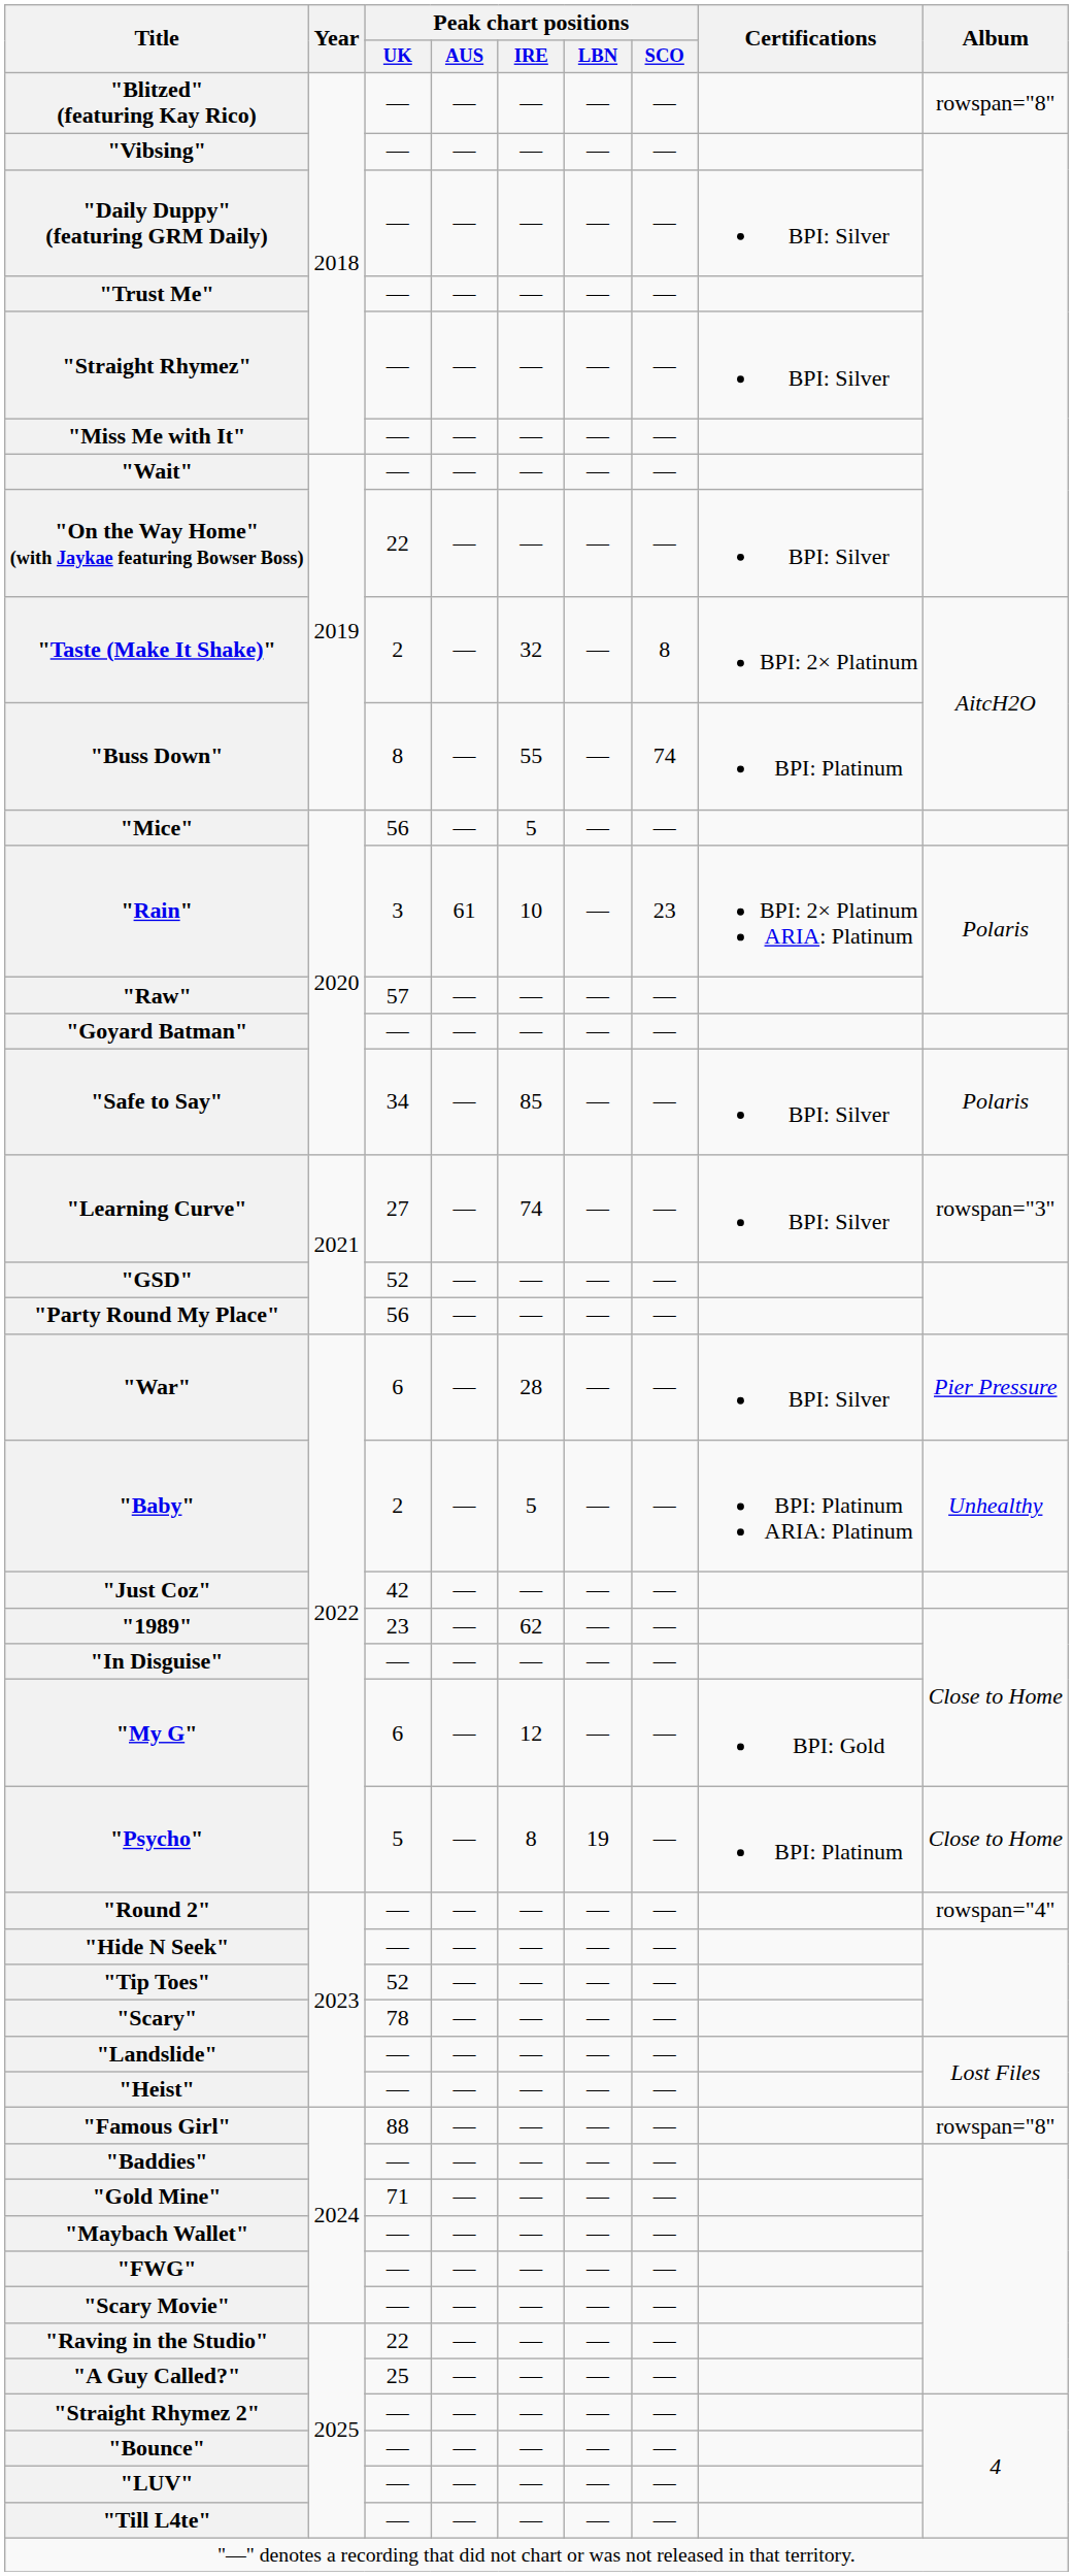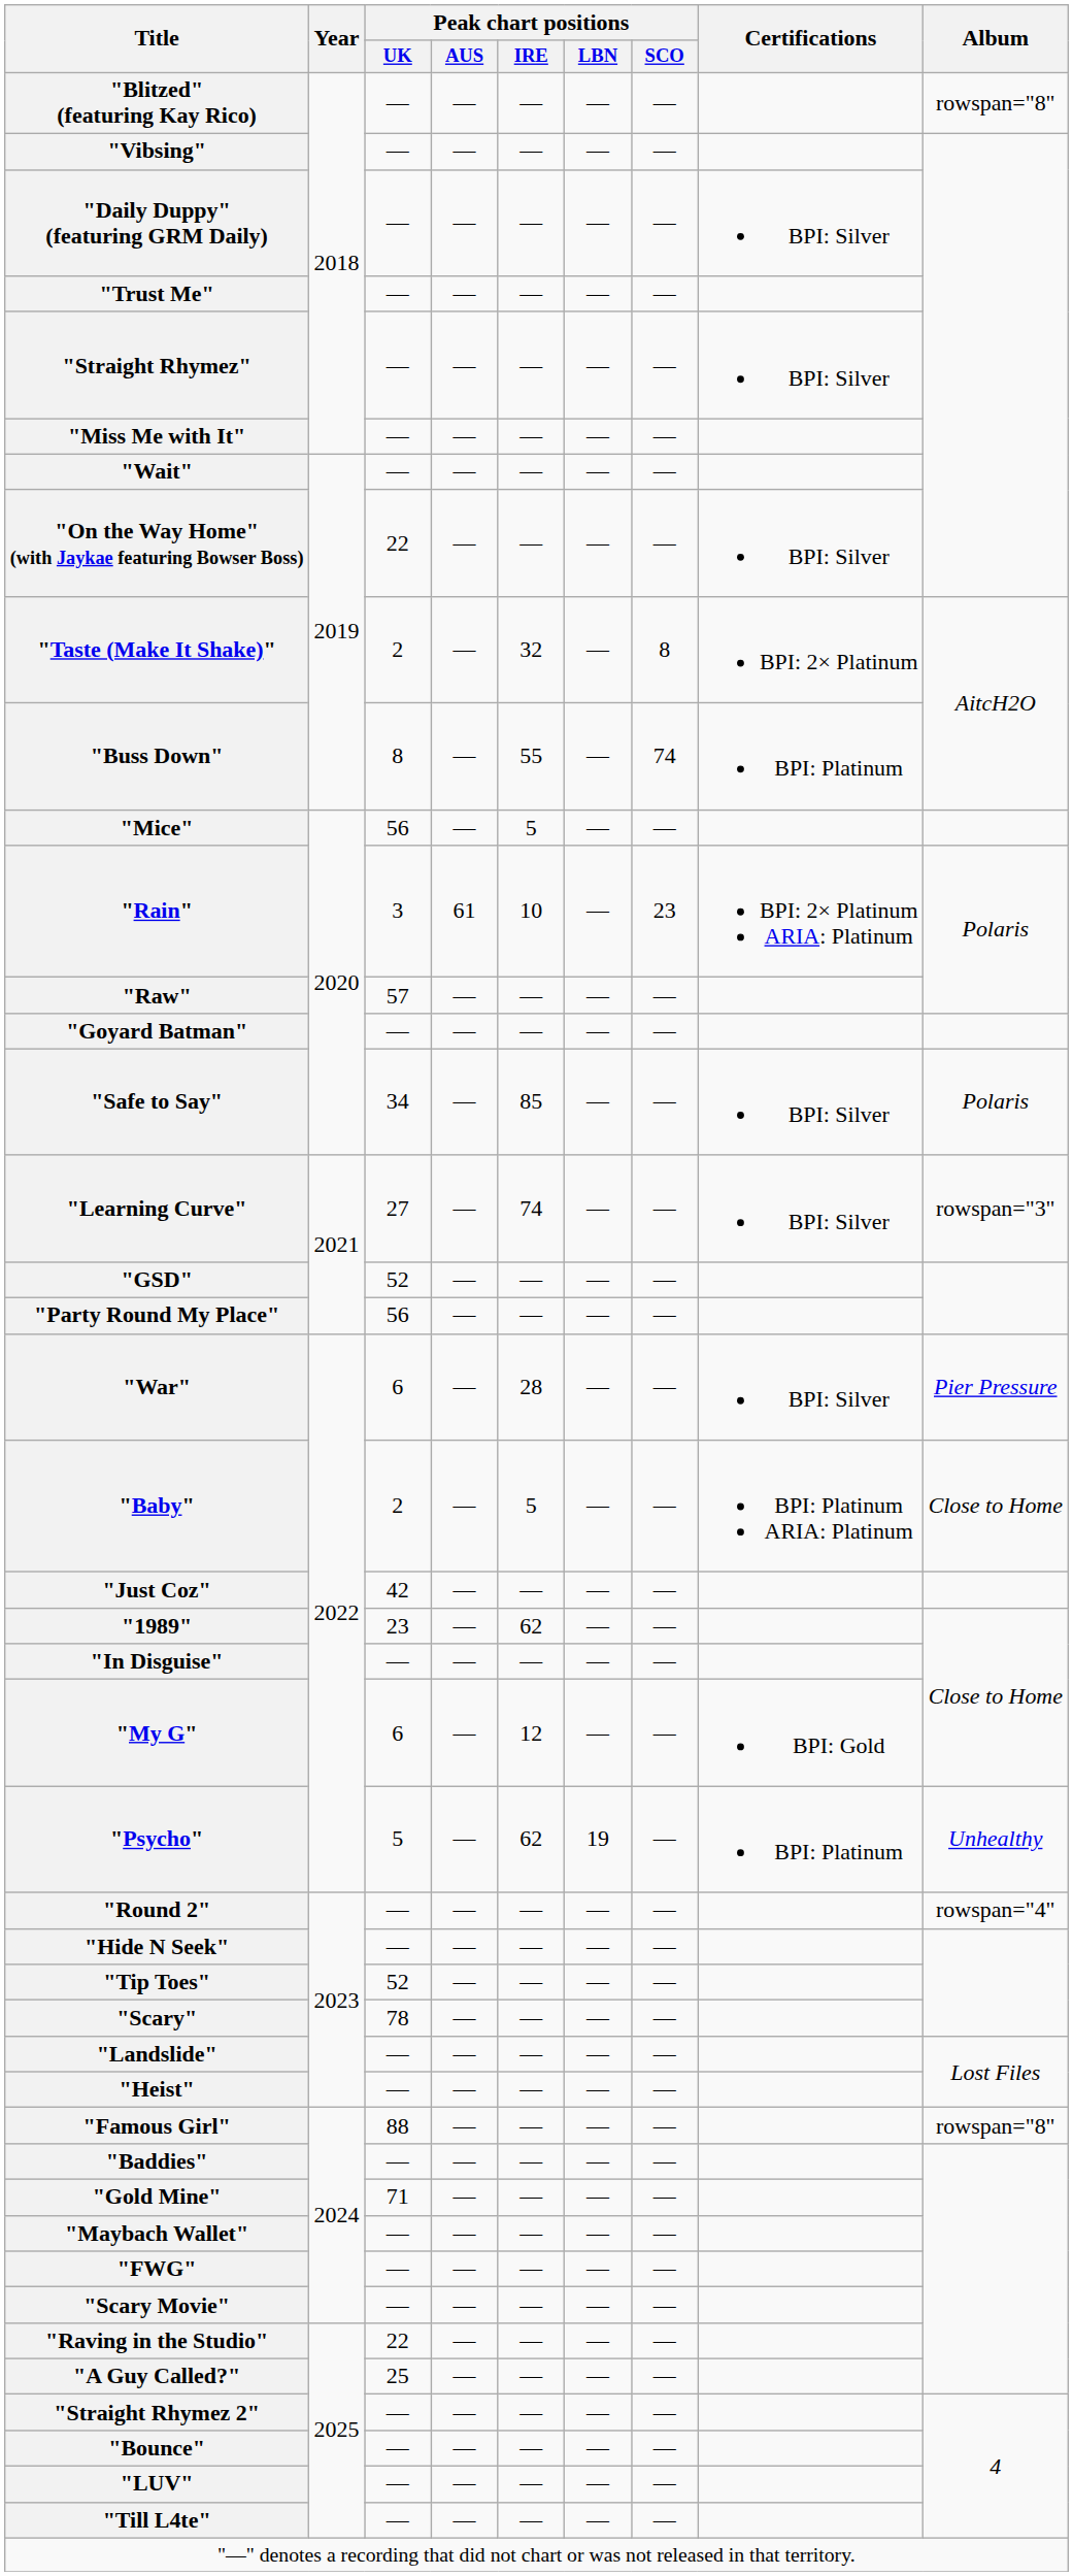 <table class="wikitable plainrowheaders" style="text-align:center;">
 <tr>
 <th scope="col" rowspan="2">Title</th>
 <th scope="col" rowspan="2">Year</th>
 <th scope="col" colspan="5">Peak chart positions</th>
 <th scope="col" rowspan="2">Certifications</th>
 <th scope="col" rowspan="2">Album</th>
 </tr>
 <tr>
 <th scope="col" style="width:3em;font-size:85%;"><a href='#'>UK</a><br></th>
 <th scope="col" style="width:3em;font-size:85%;"><a href='#'>AUS</a><br></th>
 <th scope="col" style="width:3em;font-size:85%;"><a href='#'>IRE</a><br></th>
 <th scope="col" style="width:3em;font-size:85%;"><a href='#'>LBN</a><br></th>
 <th scope="col" style="width:3em;font-size:85%;"><a href='#'>SCO</a><br></th>
 </tr>
 <tr>
 <th scope="row">"Blitzed"<br><span>(featuring Kay Rico)</span></th>
 <td rowspan="6">2018</td>
 <td>—</td>
 <td>—</td>
 <td>—</td>
 <td>—</td>
 <td>—</td>
 <td></td>
 <td>rowspan="8" </td>
 </tr>
 <tr>
 <th scope="row">"Vibsing"</th>
 <td>—</td>
 <td>—</td>
 <td>—</td>
 <td>—</td>
 <td>—</td>
 <td></td>
 </tr>
 <tr>
 <th scope="row">"Daily Duppy"<br><span>(featuring GRM Daily)</span></th>
 <td>—</td>
 <td>—</td>
 <td>—</td>
 <td>—</td>
 <td>—</td>
 <td><br><ul><li>BPI: Silver</li></ul></td>
 </tr>
 <tr>
 <th scope="row">"Trust Me"</th>
 <td>—</td>
 <td>—</td>
 <td>—</td>
 <td>—</td>
 <td>—</td>
 <td></td>
 </tr>
 <tr>
 <th scope="row">"Straight Rhymez"</th>
 <td>—</td>
 <td>—</td>
 <td>—</td>
 <td>—</td>
 <td>—</td>
 <td><br><ul><li>BPI: Silver</li></ul></td>
 </tr>
 <tr>
 <th scope="row">"Miss Me with It"</th>
 <td>—</td>
 <td>—</td>
 <td>—</td>
 <td>—</td>
 <td>—</td>
 <td></td>
 </tr>
 <tr>
 <th scope="row">"Wait"</th>
 <td rowspan="4">2019</td>
 <td>—</td>
 <td>—</td>
 <td>—</td>
 <td>—</td>
 <td>—</td>
 <td></td>
 </tr>
 <tr>
 <th scope="row">"On the Way Home"<br><small>(with <a href='#'>Jaykae</a> featuring Bowser Boss)</small></th>
 <td>22</td>
 <td>—</td>
 <td>—</td>
 <td>—</td>
 <td>—</td>
 <td><br><ul><li>BPI: Silver</li></ul></td>
 </tr>
 <tr>
 <th scope="row">"<a href='#'>Taste (Make It Shake)</a>"</th>
 <td>2</td>
 <td>—</td>
 <td>32</td>
 <td>—</td>
 <td>8</td>
 <td><br><ul><li>BPI: 2× Platinum</li></ul></td>
 <td rowspan="2"><em>AitcH2O</em></td>
 </tr>
 <tr>
 <th scope="row">"Buss Down"<br></th>
 <td>8</td>
 <td>—</td>
 <td>55</td>
 <td>—</td>
 <td>74</td>
 <td><br><ul><li>BPI: Platinum</li></ul></td>
 </tr>
 <tr>
 <th scope="row">"Mice"</th>
 <td rowspan="5">2020</td>
 <td>56</td>
 <td>—</td>
 <td>5</td>
 <td>—</td>
 <td>—</td>
 <td></td>
 <td></td>
 </tr>
 <tr>
 <th scope="row">"<a href='#'>Rain</a>"<br></th>
 <td>3</td>
 <td>61</td>
 <td>10</td>
 <td>—</td>
 <td>23</td>
 <td><br><ul><li>BPI: 2× Platinum</li><li><a href='#'>ARIA</a>: Platinum</li></ul></td>
 <td rowspan="2"><em>Polaris</em></td>
 </tr>
 <tr>
 <th scope="row">"Raw"</th>
 <td>57</td>
 <td>—</td>
 <td>—</td>
 <td>—</td>
 <td>—</td>
 <td></td>
 </tr>
 <tr>
 <th scope="row">"Goyard Batman"<br></th>
 <td>—</td>
 <td>—</td>
 <td>—</td>
 <td>—</td>
 <td>—</td>
 <td></td>
 <td></td>
 </tr>
 <tr>
 <th scope="row">"Safe to Say"</th>
 <td>34</td>
 <td>—</td>
 <td>85</td>
 <td>—</td>
 <td>—</td>
 <td><br><ul><li>BPI: Silver</li></ul></td>
 <td><em>Polaris</em></td>
 </tr>
 <tr>
 <th scope="row">"Learning Curve"</th>
 <td rowspan="3">2021</td>
 <td>27</td>
 <td>—</td>
 <td>74</td>
 <td>—</td>
 <td>—</td>
 <td><br><ul><li>BPI: Silver</li></ul></td>
 <td>rowspan="3" </td>
 </tr>
 <tr>
 <th scope="row">"GSD"</th>
 <td>52</td>
 <td>—</td>
 <td>—</td>
 <td>—</td>
 <td>—</td>
 <td></td>
 </tr>
 <tr>
 <th scope="row">"Party Round My Place"<br></th>
 <td>56</td>
 <td>—</td>
 <td>—</td>
 <td>—</td>
 <td>—</td>
 <td></td>
 </tr>
 <tr>
 <th scope="row">"War"<br></th>
 <td rowspan="7">2022</td>
 <td>6</td>
 <td>—</td>
 <td>28</td>
 <td>—</td>
 <td>—</td>
 <td><br><ul><li>BPI: Silver</li></ul></td>
 <td><em><a href='#'>Pier Pressure</a></em></td>
 </tr>
 <tr>
 <th scope="row">"<a href='#'>Baby</a>"<br></th>
 <td>2</td>
 <td>—</td>
 <td>5</td>
 <td>—</td>
 <td>—</td>
 <td><br><ul><li>BPI: Platinum</li><li>ARIA: Platinum</li></ul></td>
-<td><em><a href='#'>Unhealthy</a></em></td>
+<td><em>Close to Home</em></td>
 </tr>
 <tr>
 <th scope="row">"Just Coz"<br></th>
 <td>42</td>
 <td>—</td>
 <td>—</td>
 <td>—</td>
 <td>—</td>
 <td></td>
 <td></td>
 </tr>
 <tr>
 <th scope="row">"1989"</th>
 <td>23</td>
 <td>—</td>
 <td>62</td>
 <td>—</td>
 <td>—</td>
 <td></td>
 <td rowspan="3"><em>Close to Home</em></td>
 </tr>
 <tr>
 <th scope="row">"In Disguise"<br></th>
 <td>—</td>
 <td>—</td>
 <td>—</td>
 <td>—</td>
 <td>—</td>
 <td></td>
 </tr>
 <tr>
 <th scope="row">"<a href='#'>My G</a>"<br></th>
 <td>6</td>
 <td>—</td>
 <td>12</td>
 <td>—</td>
 <td>—</td>
 <td><br><ul><li>BPI: Gold</li></ul></td>
 </tr>
 <tr>
 <th scope="row">"<a href='#'>Psycho</a>"<br></th>
 <td>5</td>
 <td>—</td>
-<td>8</td>
+<td>62</td>
 <td>19</td>
 <td>—</td>
 <td><br><ul><li>BPI: Platinum</li></ul></td>
-<td><em>Close to Home</em></td>
+<td><em><a href='#'>Unhealthy</a></em></td>
 </tr>
 <tr>
 <th scope="row">"Round 2"</th>
 <td rowspan="6">2023</td>
 <td>—</td>
 <td>—</td>
 <td>—</td>
 <td>—</td>
 <td>—</td>
 <td></td>
 <td>rowspan="4" </td>
 </tr>
 <tr>
 <th scope="row">"Hide N Seek"<br></th>
 <td>—</td>
 <td>—</td>
 <td>—</td>
 <td>—</td>
 <td>—</td>
 <td></td>
 </tr>
 <tr>
 <th scope="row">"Tip Toes"<br></th>
 <td>52</td>
 <td>—</td>
 <td>—</td>
 <td>—</td>
 <td>—</td>
 <td></td>
 </tr>
 <tr>
 <th scope="row">"Scary"<br></th>
 <td>78</td>
 <td>—</td>
 <td>—</td>
 <td>—</td>
 <td>—</td>
 <td></td>
 </tr>
 <tr>
 <th scope="row">"Landslide"<br></th>
 <td>—</td>
 <td>—</td>
 <td>—</td>
 <td>—</td>
 <td>—</td>
 <td></td>
 <td rowspan="2"><em>Lost Files</em></td>
 </tr>
 <tr>
 <th scope="row">"Heist"<br></th>
 <td>—</td>
 <td>—</td>
 <td>—</td>
 <td>—</td>
 <td>—</td>
 <td></td>
 </tr>
 <tr>
 <th scope="row">"Famous Girl"</th>
 <td rowspan="6">2024</td>
 <td>88</td>
 <td>—</td>
 <td>—</td>
 <td>—</td>
 <td>—</td>
 <td></td>
 <td>rowspan="8" </td>
 </tr>
 <tr>
 <th scope="row">"Baddies"<br></th>
 <td>—</td>
 <td>—</td>
 <td>—</td>
 <td>—</td>
 <td>—</td>
 <td></td>
 </tr>
 <tr>
 <th scope="row">"Gold Mine"<br></th>
 <td>71</td>
 <td>—</td>
 <td>—</td>
 <td>—</td>
 <td>—</td>
 <td></td>
 </tr>
 <tr>
 <th scope="row">"Maybach Wallet"</th>
 <td>—</td>
 <td>—</td>
 <td>—</td>
 <td>—</td>
 <td>—</td>
 <td></td>
 </tr>
 <tr>
 <th scope="row">"FWG"</th>
 <td>—</td>
 <td>—</td>
 <td>—</td>
 <td>—</td>
 <td>—</td>
 <td></td>
 </tr>
 <tr>
 <th scope="row">"Scary Movie"<br></th>
 <td>—</td>
 <td>—</td>
 <td>—</td>
 <td>—</td>
 <td>—</td>
 <td></td>
 </tr>
 <tr>
 <th scope="row">"Raving in the Studio"<br></th>
 <td rowspan="6">2025</td>
 <td>22</td>
 <td>—</td>
 <td>—</td>
 <td>—</td>
 <td>—</td>
 <td></td>
 </tr>
 <tr>
 <th scope="row">"A Guy Called?"</th>
 <td>25</td>
 <td>—</td>
 <td>—</td>
 <td>—</td>
 <td>—</td>
 <td></td>
 </tr>
 <tr>
 <th scope="row">"Straight Rhymez 2"</th>
 <td>—</td>
 <td>—</td>
 <td>—</td>
 <td>—</td>
 <td>—</td>
 <td></td>
 <td rowspan="4"><em>4</em></td>
 </tr>
 <tr>
 <th scope="row">"Bounce"</th>
 <td>—</td>
 <td>—</td>
 <td>—</td>
 <td>—</td>
 <td>—</td>
 <td></td>
 </tr>
 <tr>
 <th scope="row">"LUV"<br></th>
 <td>—</td>
 <td>—</td>
 <td>—</td>
 <td>—</td>
 <td>—</td>
 <td></td>
 </tr>
 <tr>
 <th scope="row">"Till L4te"<br></th>
 <td>—</td>
 <td>—</td>
 <td>—</td>
 <td>—</td>
 <td>—</td>
 <td></td>
 </tr>
 <tr>
 <td colspan="9" style="font-size:90%">"—" denotes a recording that did not chart or was not released in that territory.</td>
 </tr>
 </table>
